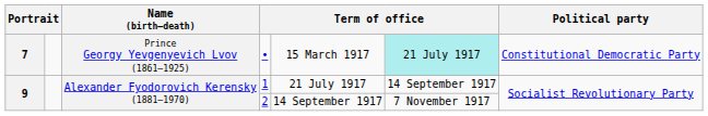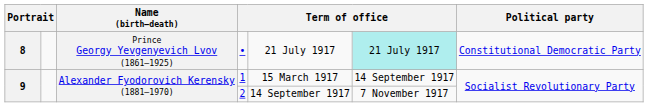 <table class="wikitable" style="margin:1em auto; text-align:center">
 <tr>
 <th colspan=2>Portrait</th>
 <th>Name<br><small>(birth–death)</small></th>
 <th colspan=3>Term of office</th>
 <th>Political party</th>
 </tr>
 <tr>
-<th align=center style="background: ">7</th>
+<th align=center style="background: ">8</th>
 <td></td>
 <th scope="row" style="font-weight:normal;"><small>Prince</small><br><a href='#'>Georgy Yevgenyevich Lvov</a><br><small>(1861–1925)</small></th>
 <td><a href='#'>•</a></td>
-<td>15 March 1917</td>
+<td>21 July 1917</td>
 <td style="background: paleturquoise;">21 July 1917</td>
 <td><a href='#'>Constitutional Democratic Party</a></td>
 </tr>
 <tr>
 <th rowspan=2 style="background:">9</th>
 <td rowspan=2></td>
 <th scope="row" style="font-weight:normal;" rowspan=2><a href='#'>Alexander Fyodorovich Kerensky</a><br><small>(1881–1970)</small></th>
 <td><a href='#'>1</a></td>
-<td>21 July 1917</td>
+<td>15 March 1917</td>
 <td>14 September 1917</td>
 <td rowspan=2><a href='#'>Socialist Revolutionary Party</a></td>
 </tr>
 <tr>
 <td><a href='#'>2</a></td>
 <td>14 September 1917</td>
 <td>7 November 1917</td>
 </tr>
 </table>
